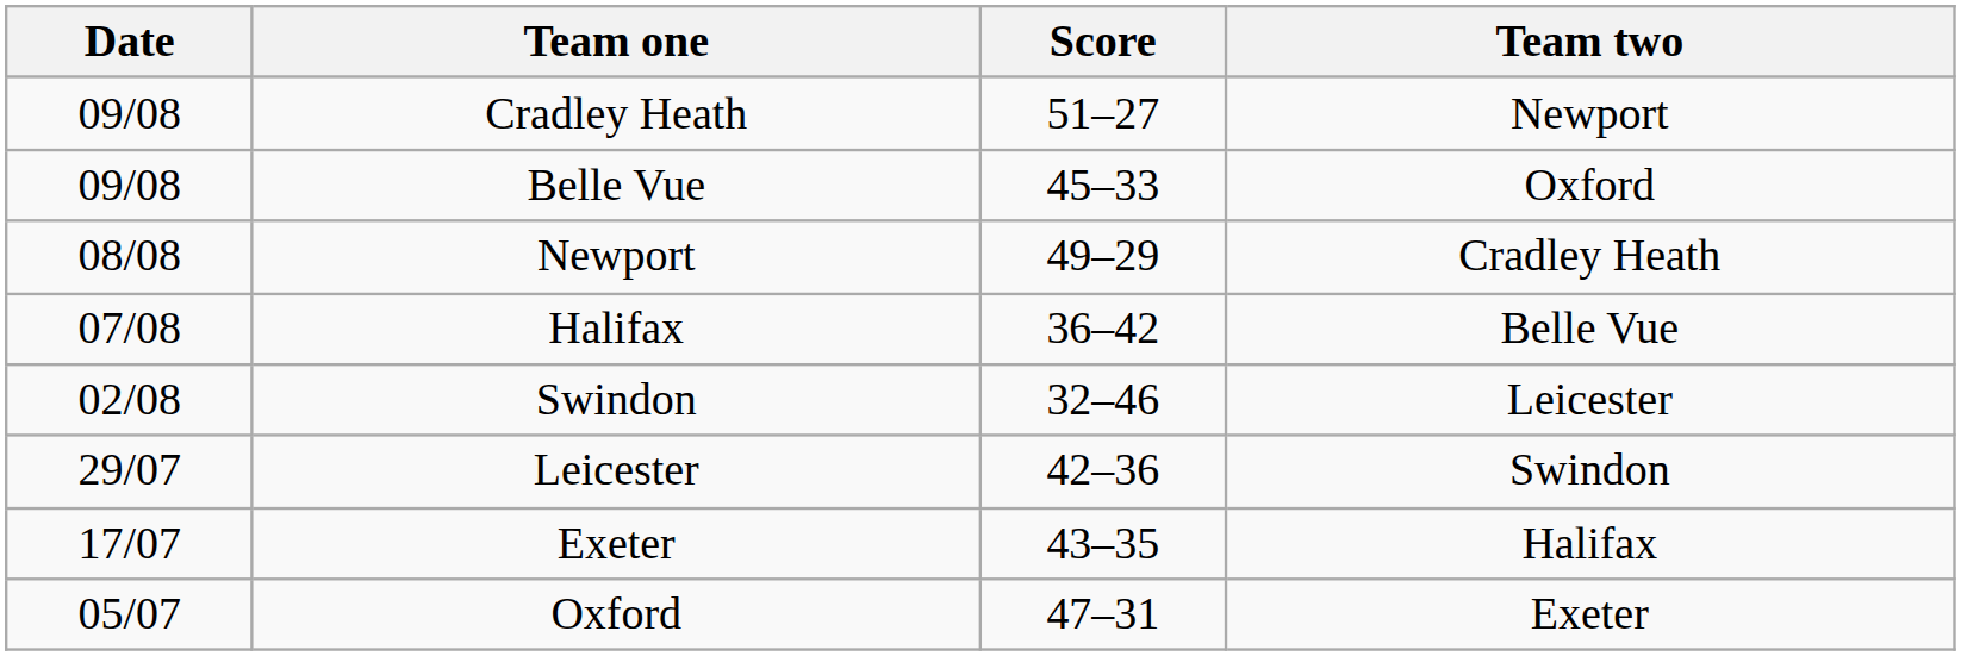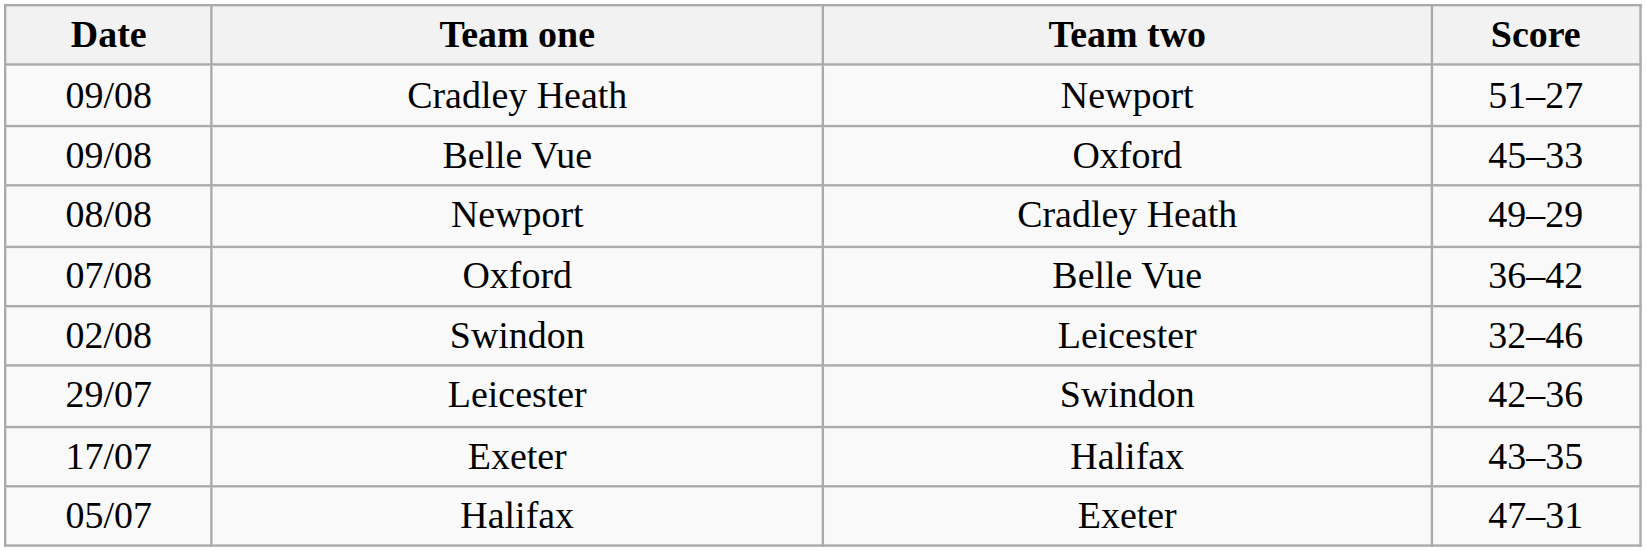 <table class="wikitable" style="text-align: center">
 <tr>
 <th width=80>Date</th>
 <th width=250>Team one</th>
+<th width=250>Team two</th>
 <th width=80>Score</th>
-<th width=250>Team two</th>
 </tr>
 <tr>
 <td>09/08</td>
 <td>Cradley Heath</td>
+<td>Newport</td>
 <td>51–27</td>
-<td>Newport</td>
 </tr>
 <tr>
 <td>09/08</td>
 <td>Belle Vue</td>
+<td>Oxford</td>
 <td>45–33</td>
-<td>Oxford</td>
 </tr>
 <tr>
 <td>08/08</td>
 <td>Newport</td>
+<td>Cradley Heath</td>
 <td>49–29</td>
-<td>Cradley Heath</td>
 </tr>
 <tr>
 <td>07/08</td>
-<td>Halifax</td>
+<td>Oxford</td>
+<td>Belle Vue</td>
 <td>36–42</td>
-<td>Belle Vue</td>
 </tr>
 <tr>
 <td>02/08</td>
 <td>Swindon</td>
+<td>Leicester</td>
 <td>32–46</td>
-<td>Leicester</td>
 </tr>
 <tr>
 <td>29/07</td>
 <td>Leicester</td>
+<td>Swindon</td>
 <td>42–36</td>
-<td>Swindon</td>
 </tr>
 <tr>
 <td>17/07</td>
 <td>Exeter</td>
+<td>Halifax</td>
 <td>43–35</td>
-<td>Halifax</td>
 </tr>
 <tr>
 <td>05/07</td>
-<td>Oxford</td>
+<td>Halifax</td>
+<td>Exeter</td>
 <td>47–31</td>
-<td>Exeter</td>
 </tr>
 </table>
